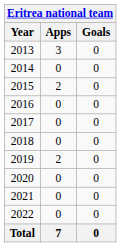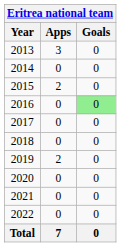 <table class="wikitable" style="text-align:center">
 <tr>
 <th colspan=3><a href='#'>Eritrea national team</a></th>
 </tr>
 <tr>
 <th>Year</th>
 <th>Apps</th>
 <th>Goals</th>
 </tr>
 <tr>
 <td>2013</td>
 <td>3</td>
 <td>0</td>
 </tr>
 <tr>
 <td>2014</td>
 <td>0</td>
 <td>0</td>
 </tr>
 <tr>
 <td>2015</td>
 <td>2</td>
 <td>0</td>
 </tr>
 <tr>
 <td>2016</td>
 <td>0</td>
-<td>0</td>
+<td style="background: lightgreen;">0</td>
 </tr>
 <tr>
 <td>2017</td>
 <td>0</td>
 <td>0</td>
 </tr>
 <tr>
 <td>2018</td>
 <td>0</td>
 <td>0</td>
 </tr>
 <tr>
 <td>2019</td>
 <td>2</td>
 <td>0</td>
 </tr>
 <tr>
 <td>2020</td>
 <td>0</td>
 <td>0</td>
 </tr>
 <tr>
 <td>2021</td>
 <td>0</td>
 <td>0</td>
 </tr>
 <tr>
 <td>2022</td>
 <td>0</td>
 <td>0</td>
 </tr>
 <tr>
 <th>Total</th>
 <th>7</th>
 <th>0</th>
 </tr>
 </table>
